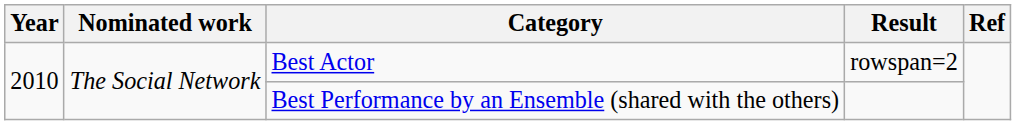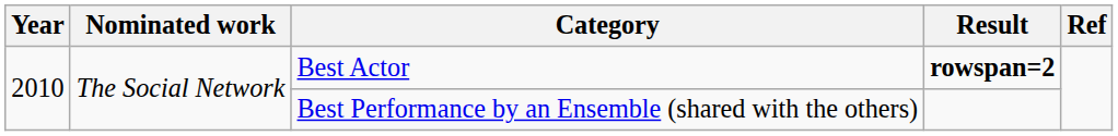 <table class="wikitable">
 <tr>
 <th>Year</th>
 <th>Nominated work</th>
 <th>Category</th>
 <th>Result</th>
 <th>Ref</th>
 </tr>
 <tr>
 <td rowspan=2>2010</td>
 <td rowspan=2><em>The Social Network</em></td>
 <td><a href='#'>Best Actor</a></td>
-<td>rowspan=2 </td>
+<td><strong>rowspan=2 </strong></td>
 <td rowspan=2></td>
 </tr>
 <tr>
 <td><a href='#'>Best Performance by an Ensemble</a> (shared with the others)</td>
 </tr>
 </table>
